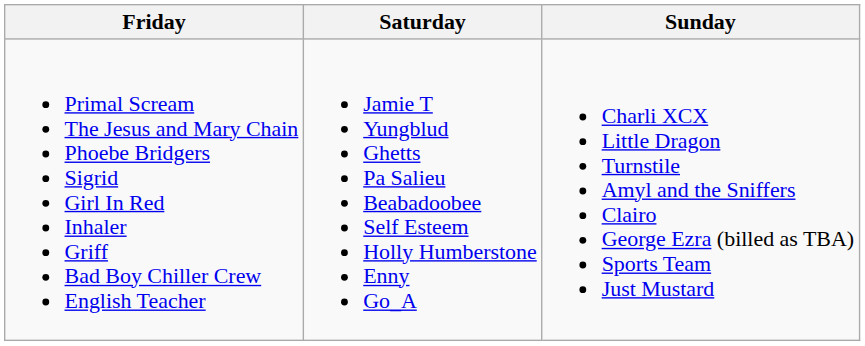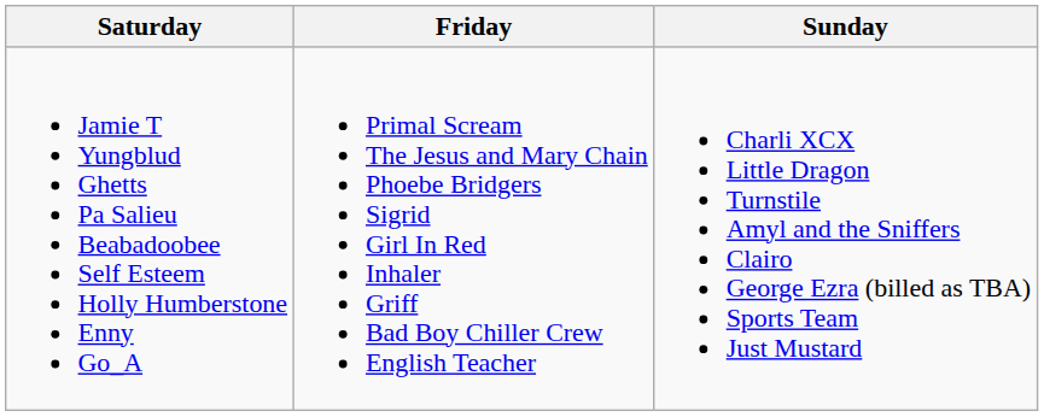 <table class="wikitable">
 <tr>
+<th>Saturday</th>
 <th>Friday</th>
-<th>Saturday</th>
 <th>Sunday</th>
 </tr>
 <tr>
+<td><br><ul><li><a href='#'>Jamie T</a></li><li><a href='#'>Yungblud</a></li><li><a href='#'>Ghetts</a></li><li><a href='#'>Pa Salieu</a></li><li><a href='#'>Beabadoobee</a></li><li><a href='#'>Self Esteem</a></li><li><a href='#'>Holly Humberstone</a></li><li><a href='#'>Enny</a></li><li><a href='#'>Go_A</a></li></ul></td>
 <td><br><ul><li><a href='#'>Primal Scream</a></li><li><a href='#'>The Jesus and Mary Chain</a></li><li><a href='#'>Phoebe Bridgers</a></li><li><a href='#'>Sigrid</a></li><li><a href='#'>Girl In Red</a></li><li><a href='#'>Inhaler</a></li><li><a href='#'>Griff</a></li><li><a href='#'>Bad Boy Chiller Crew</a></li><li><a href='#'>English Teacher</a></li></ul></td>
-<td><br><ul><li><a href='#'>Jamie T</a></li><li><a href='#'>Yungblud</a></li><li><a href='#'>Ghetts</a></li><li><a href='#'>Pa Salieu</a></li><li><a href='#'>Beabadoobee</a></li><li><a href='#'>Self Esteem</a></li><li><a href='#'>Holly Humberstone</a></li><li><a href='#'>Enny</a></li><li><a href='#'>Go_A</a></li></ul></td>
 <td><br><ul><li><a href='#'>Charli XCX</a></li><li><a href='#'>Little Dragon</a></li><li><a href='#'>Turnstile</a></li><li><a href='#'>Amyl and the Sniffers</a></li><li><a href='#'>Clairo</a></li><li><a href='#'>George Ezra</a> (billed as TBA)</li><li><a href='#'>Sports Team</a></li><li><a href='#'>Just Mustard</a></li></ul></td>
 </tr>
 </table>
